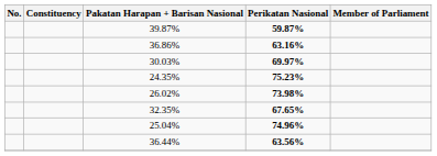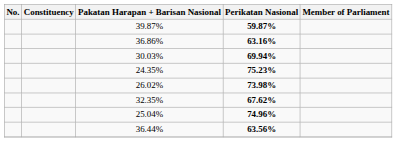 <table class="wikitable sortable" style="text-align:center; font-size:90%">
 <tr>
 <th>No.</th>
 <th>Constituency</th>
 <th>Pakatan Harapan + Barisan Nasional</th>
 <th><strong>Perikatan Nasional</strong></th>
 <th><strong>Member of Parliament</strong></th>
 </tr>
 <tr align="center">
 <td><strong></strong></td>
 <td><strong></strong></td>
 <td>39.87%</td>
 <td><strong>59.87%</strong></td>
 <td></td>
 </tr>
 <tr align="center">
 <td><strong></strong></td>
 <td><strong></strong></td>
 <td>36.86%</td>
 <td><strong>63.16%</strong></td>
 <td></td>
 </tr>
 <tr align="center">
 <td><strong></strong></td>
 <td><strong></strong></td>
 <td>30.03%</td>
-<td><strong>69.97%</strong></td>
+<td><strong>69.94%</strong></td>
 <td></td>
 </tr>
 <tr align="center">
 <td><strong></strong></td>
 <td><strong></strong></td>
 <td>24.35%</td>
 <td><strong>75.23%</strong></td>
 <td></td>
 </tr>
 <tr align="center">
 <td><strong></strong></td>
 <td><strong></strong></td>
 <td>26.02%</td>
 <td><strong>73.98%</strong></td>
 <td></td>
 </tr>
 <tr align="center">
 <td><strong></strong></td>
 <td><strong></strong></td>
 <td>32.35%</td>
-<td><strong>67.65%</strong></td>
+<td><strong>67.62%</strong></td>
 <td></td>
 </tr>
 <tr align="center">
 <td><strong></strong></td>
 <td><strong></strong></td>
 <td>25.04%</td>
 <td><strong>74.96%</strong></td>
 <td></td>
 </tr>
 <tr align="center">
 <td><strong></strong></td>
 <td><strong></strong></td>
 <td>36.44%</td>
 <td><strong>63.56%</strong></td>
 <td></td>
 </tr>
 <tr>
 </tr>
 </table>
